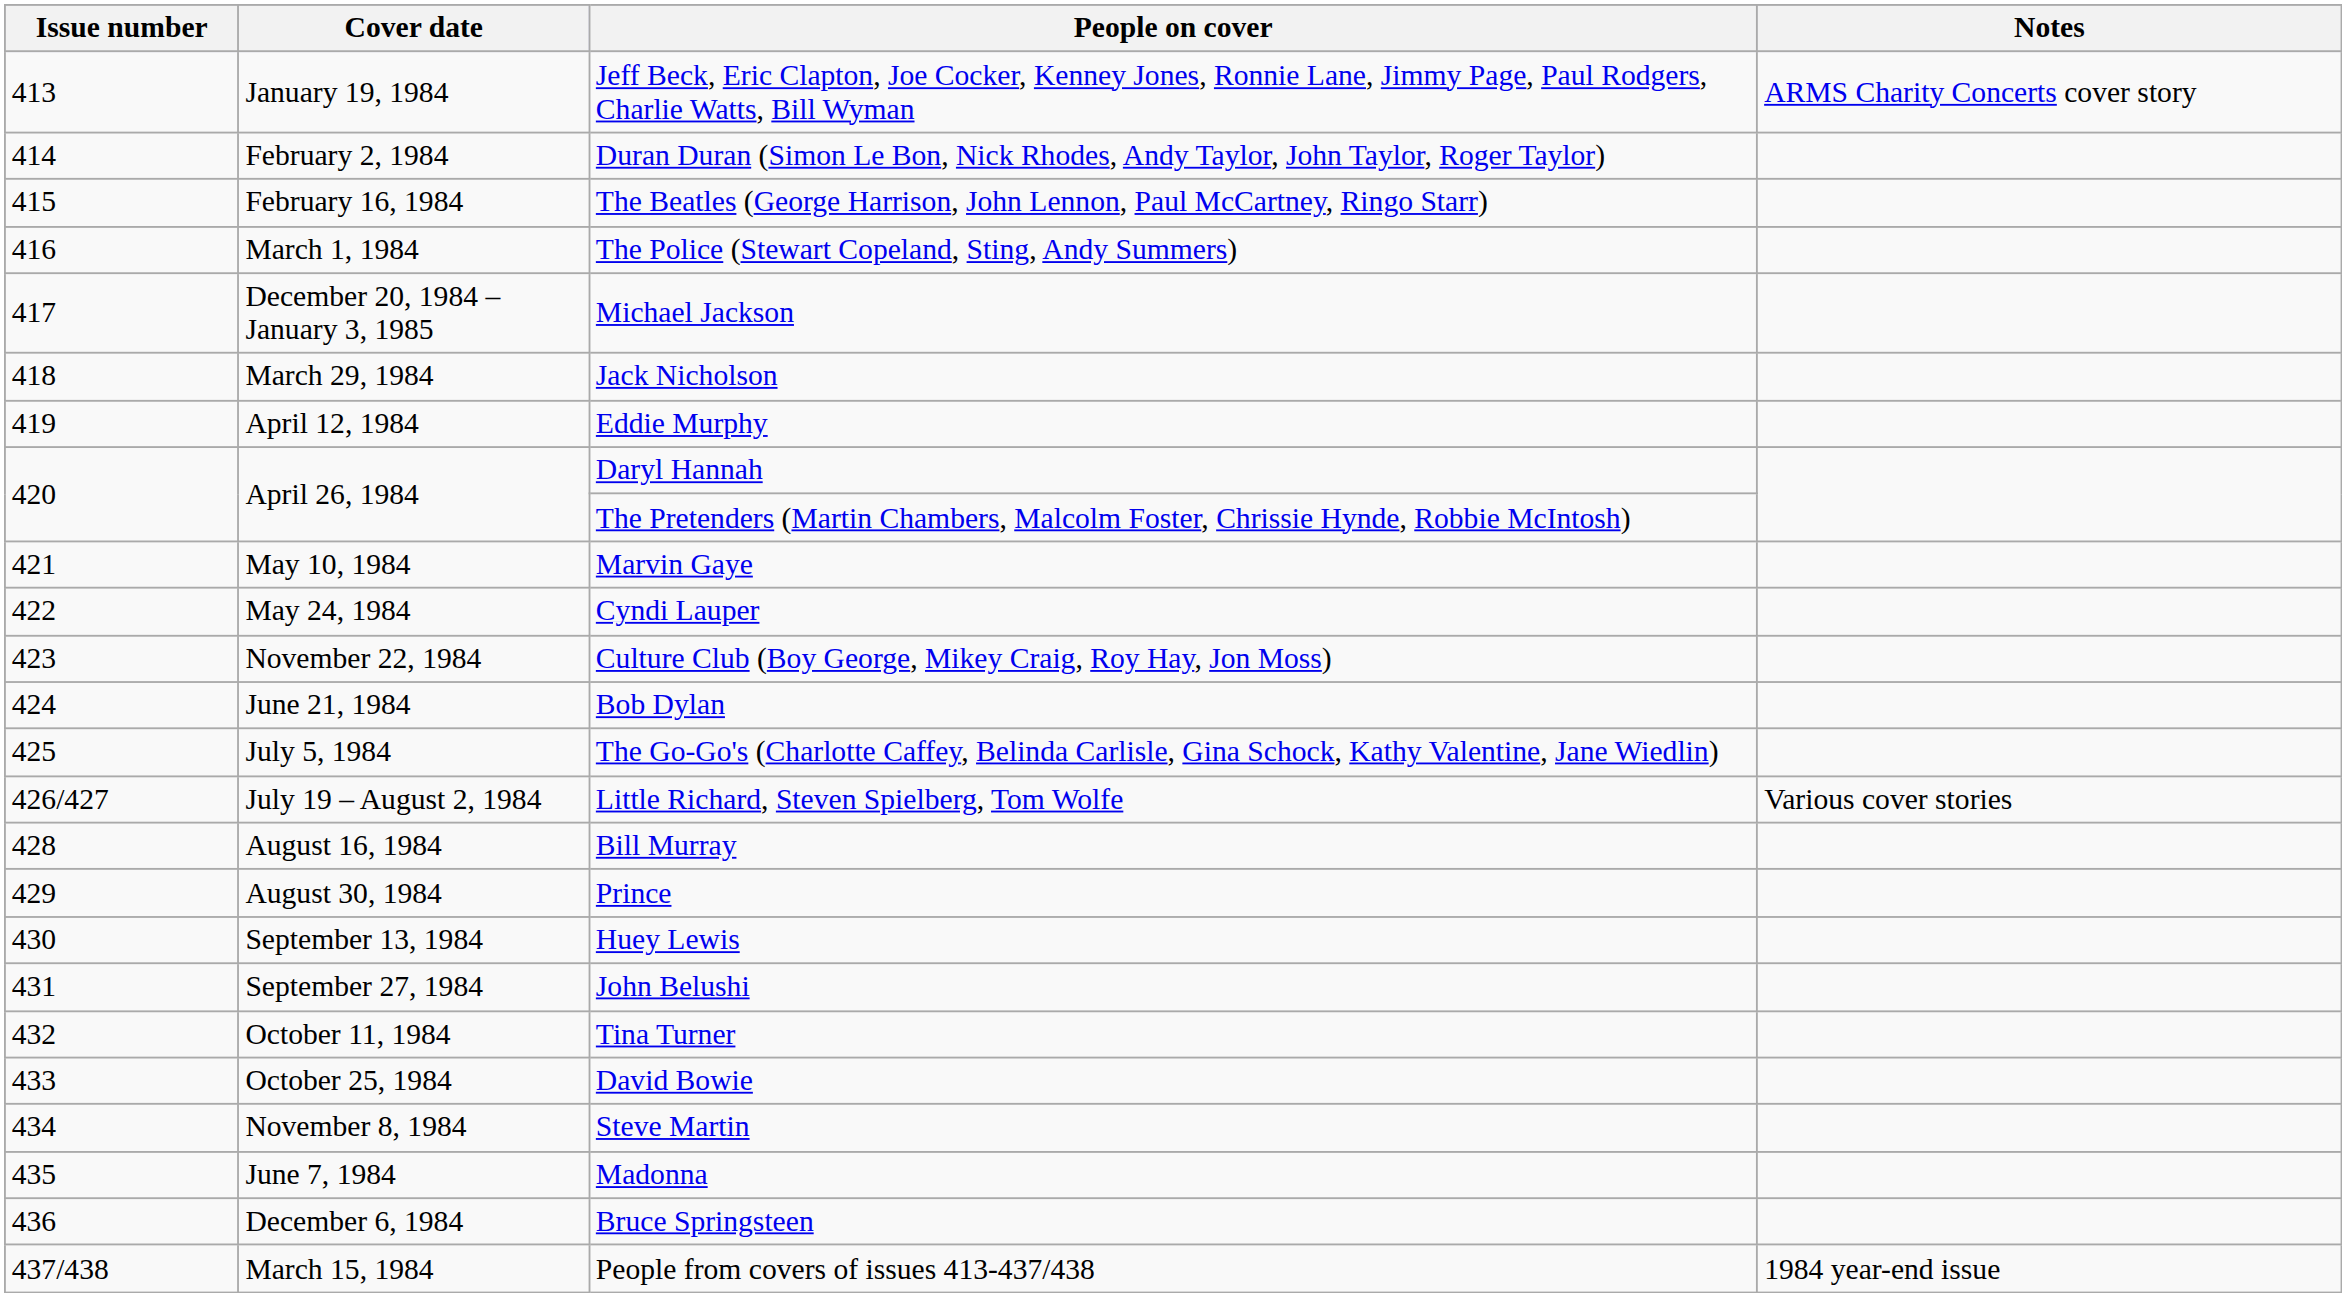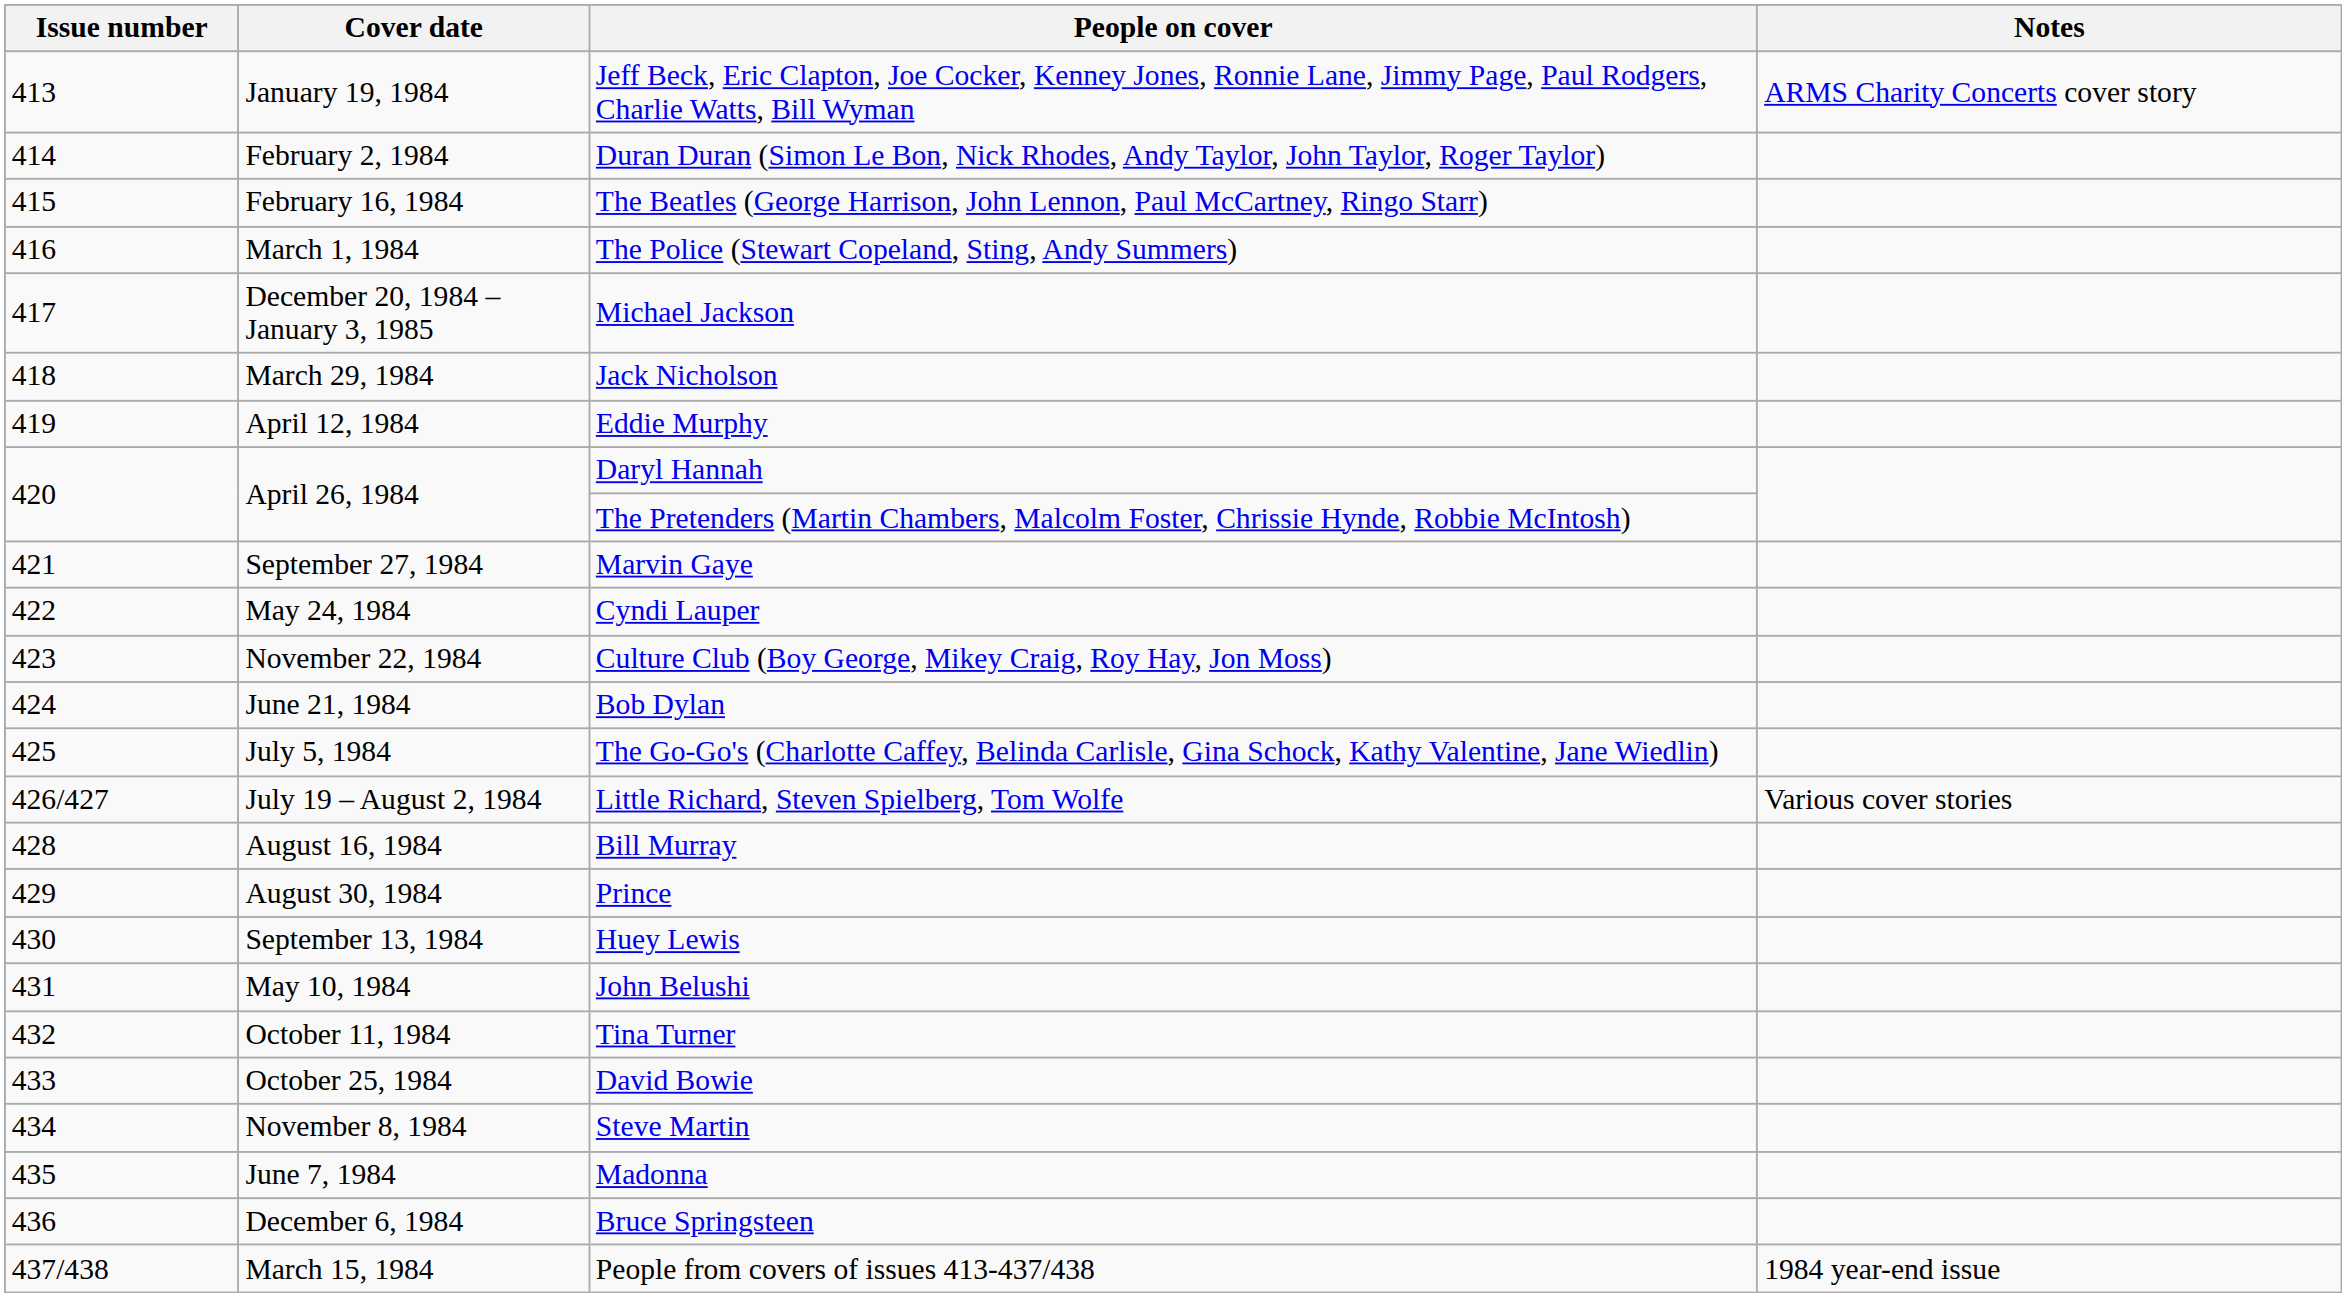 <table class="wikitable sortable" style="margin:auto;width:100%;">
 <tr style="background:#ccf;">
 <th style="width:10%;">Issue number</th>
 <th style="width:15%;">Cover date</th>
 <th style="width:50%;">People on cover</th>
 <th style="width:25%;">Notes</th>
 </tr>
 <tr>
 <td>413</td>
 <td>January 19, 1984</td>
 <td><a href='#'>Jeff Beck</a>, <a href='#'>Eric Clapton</a>, <a href='#'>Joe Cocker</a>, <a href='#'>Kenney Jones</a>, <a href='#'>Ronnie Lane</a>, <a href='#'>Jimmy Page</a>, <a href='#'>Paul Rodgers</a>, <a href='#'>Charlie Watts</a>, <a href='#'>Bill Wyman</a></td>
 <td><a href='#'>ARMS Charity Concerts</a> cover story</td>
 </tr>
 <tr>
 <td>414</td>
 <td>February 2, 1984</td>
 <td><a href='#'>Duran Duran</a> (<a href='#'>Simon Le Bon</a>, <a href='#'>Nick Rhodes</a>, <a href='#'>Andy Taylor</a>, <a href='#'>John Taylor</a>, <a href='#'>Roger Taylor</a>)</td>
 <td></td>
 </tr>
 <tr>
 <td>415</td>
 <td>February 16, 1984</td>
 <td><a href='#'>The Beatles</a> (<a href='#'>George Harrison</a>, <a href='#'>John Lennon</a>, <a href='#'>Paul McCartney</a>, <a href='#'>Ringo Starr</a>)</td>
 <td></td>
 </tr>
 <tr>
 <td>416</td>
 <td>March 1, 1984</td>
 <td><a href='#'>The Police</a> (<a href='#'>Stewart Copeland</a>, <a href='#'>Sting</a>, <a href='#'>Andy Summers</a>)</td>
 <td></td>
 </tr>
 <tr>
 <td>417</td>
 <td>December 20, 1984 – January 3, 1985</td>
 <td><a href='#'>Michael Jackson</a></td>
 <td></td>
 </tr>
 <tr>
 <td>418</td>
 <td>March 29, 1984</td>
 <td><a href='#'>Jack Nicholson</a></td>
 <td></td>
 </tr>
 <tr>
 <td>419</td>
 <td>April 12, 1984</td>
 <td><a href='#'>Eddie Murphy</a></td>
 <td></td>
 </tr>
 <tr>
 <td rowspan="2">420</td>
 <td rowspan="2">April 26, 1984</td>
 <td><a href='#'>Daryl Hannah</a></td>
 <td rowspan="2"></td>
 </tr>
 <tr>
 <td><a href='#'>The Pretenders</a> (<a href='#'>Martin Chambers</a>, <a href='#'>Malcolm Foster</a>, <a href='#'>Chrissie Hynde</a>, <a href='#'>Robbie McIntosh</a>)</td>
 </tr>
 <tr>
 <td>421</td>
-<td>May 10, 1984</td>
+<td>September 27, 1984</td>
 <td><a href='#'>Marvin Gaye</a></td>
 <td></td>
 </tr>
 <tr>
 <td>422</td>
 <td>May 24, 1984</td>
 <td><a href='#'>Cyndi Lauper</a></td>
 <td></td>
 </tr>
 <tr>
 <td>423</td>
 <td>November 22, 1984</td>
 <td><a href='#'>Culture Club</a> (<a href='#'>Boy George</a>, <a href='#'>Mikey Craig</a>, <a href='#'>Roy Hay</a>, <a href='#'>Jon Moss</a>)</td>
 <td></td>
 </tr>
 <tr>
 <td>424</td>
 <td>June 21, 1984</td>
 <td><a href='#'>Bob Dylan</a></td>
 <td></td>
 </tr>
 <tr>
 <td>425</td>
 <td>July 5, 1984</td>
 <td><a href='#'>The Go-Go's</a> (<a href='#'>Charlotte Caffey</a>, <a href='#'>Belinda Carlisle</a>, <a href='#'>Gina Schock</a>, <a href='#'>Kathy Valentine</a>, <a href='#'>Jane Wiedlin</a>)</td>
 <td></td>
 </tr>
 <tr>
 <td>426/427</td>
 <td>July 19 – August 2, 1984</td>
 <td><a href='#'>Little Richard</a>, <a href='#'>Steven Spielberg</a>, <a href='#'>Tom Wolfe</a></td>
 <td>Various cover stories</td>
 </tr>
 <tr>
 <td>428</td>
 <td>August 16, 1984</td>
 <td><a href='#'>Bill Murray</a></td>
 <td></td>
 </tr>
 <tr>
 <td>429</td>
 <td>August 30, 1984</td>
 <td><a href='#'>Prince</a></td>
 <td></td>
 </tr>
 <tr>
 <td>430</td>
 <td>September 13, 1984</td>
 <td><a href='#'>Huey Lewis</a></td>
 <td></td>
 </tr>
 <tr>
 <td>431</td>
-<td>September 27, 1984</td>
+<td>May 10, 1984</td>
 <td><a href='#'>John Belushi</a></td>
 <td></td>
 </tr>
 <tr>
 <td>432</td>
 <td>October 11, 1984</td>
 <td><a href='#'>Tina Turner</a></td>
 <td></td>
 </tr>
 <tr>
 <td>433</td>
 <td>October 25, 1984</td>
 <td><a href='#'>David Bowie</a></td>
 <td></td>
 </tr>
 <tr>
 <td>434</td>
 <td>November 8, 1984</td>
 <td><a href='#'>Steve Martin</a></td>
 <td></td>
 </tr>
 <tr>
 <td>435</td>
 <td>June 7, 1984</td>
 <td><a href='#'>Madonna</a></td>
 <td></td>
 </tr>
 <tr>
 <td>436</td>
 <td>December 6, 1984</td>
 <td><a href='#'>Bruce Springsteen</a></td>
 <td></td>
 </tr>
 <tr>
 <td>437/438</td>
 <td>March 15, 1984</td>
 <td>People from covers of issues 413-437/438</td>
 <td>1984 year-end issue</td>
 </tr>
 </table>
